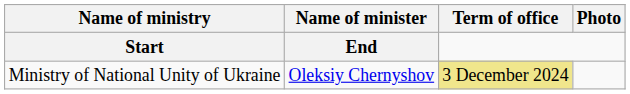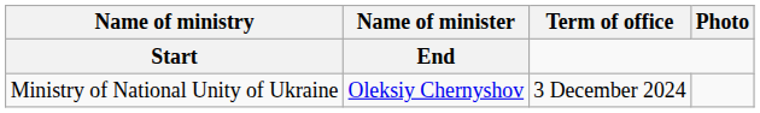 <table class="wikitable">
 <tr>
 <th rowspan=1>Name of ministry</th>
 <th rowspan=1>Name of minister</th>
 <th colspan=1>Term of office</th>
 <th rowspan="1">Photo</th>
 </tr>
 <tr>
 <th>Start</th>
 <th>End</th>
 </tr>
 <tr>
 <td>Ministry of National Unity of Ukraine</td>
 <td><a href='#'>Oleksiy Chernyshov</a></td>
-<td style="background: khaki;">3 December 2024</td>
+<td>3 December 2024</td>
 <td></td>
 </tr>
 </table>
